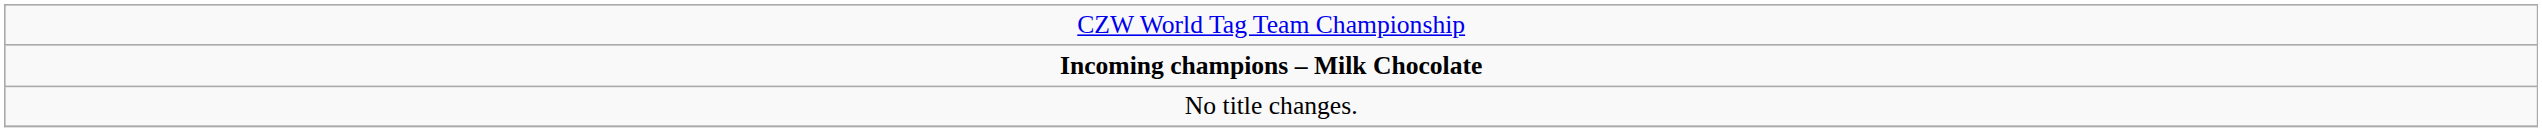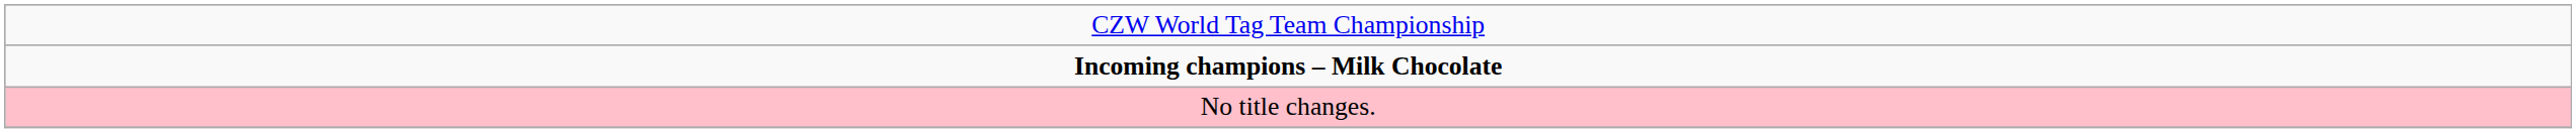 <table class="wikitable" style="text-align:center; width:100%;">
 <tr>
 <td colspan="4" style="text-align: center;"><a href='#'>CZW World Tag Team Championship</a></td>
 </tr>
 <tr>
 <td colspan="4" style="text-align: center;"><strong>Incoming champions – Milk Chocolate </strong></td>
 </tr>
 <tr>
-<td>No title changes.</td>
+<td style="background: pink;">No title changes.</td>
 </tr>
 <tr>
 </tr>
 </table>
